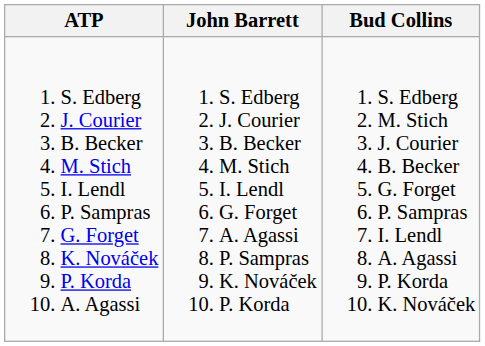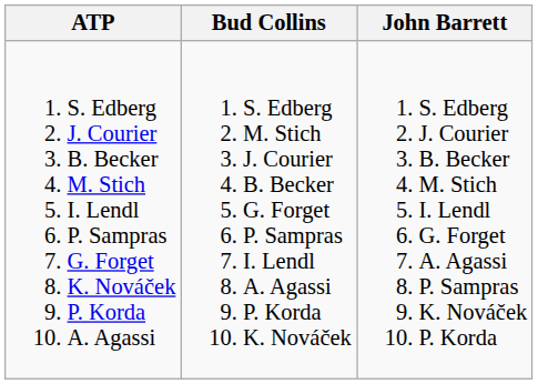 <table class="wikitable">
 <tr>
 <th>ATP</th>
+<th>Bud Collins</th>
 <th>John Barrett</th>
-<th>Bud Collins</th>
 </tr>
 <tr style="vertical-align: top;">
 <td style="white-space: nowrap;"><br><ol><li> S. Edberg</li><li> <a href='#'>J. Courier</a></li><li> B. Becker</li><li> <a href='#'>M. Stich</a></li><li> I. Lendl</li><li> P. Sampras</li><li> <a href='#'>G. Forget</a></li><li> <a href='#'>K. Nováček</a></li><li> <a href='#'>P. Korda</a></li><li> A. Agassi</li></ol></td>
+<td style="white-space: nowrap;"><br><ol><li> S. Edberg</li><li> M. Stich</li><li> J. Courier</li><li> B. Becker</li><li> G. Forget</li><li> P. Sampras</li><li> I. Lendl</li><li> A. Agassi</li><li> P. Korda</li><li> K. Nováček</li></ol></td>
 <td style="white-space: nowrap;"><br><ol><li> S. Edberg</li><li> J. Courier</li><li> B. Becker</li><li> M. Stich</li><li> I. Lendl</li><li> G. Forget</li><li> A. Agassi</li><li> P. Sampras</li><li> K. Nováček</li><li> P. Korda</li></ol></td>
-<td style="white-space: nowrap;"><br><ol><li> S. Edberg</li><li> M. Stich</li><li> J. Courier</li><li> B. Becker</li><li> G. Forget</li><li> P. Sampras</li><li> I. Lendl</li><li> A. Agassi</li><li> P. Korda</li><li> K. Nováček</li></ol></td>
 </tr>
 </table>
